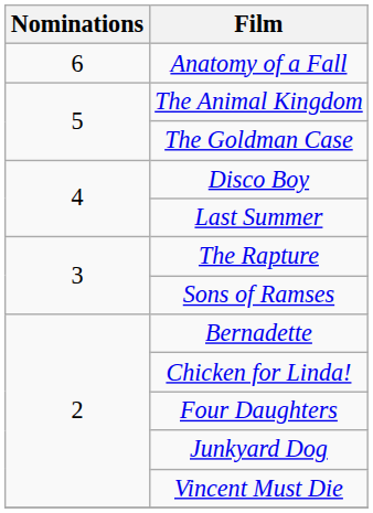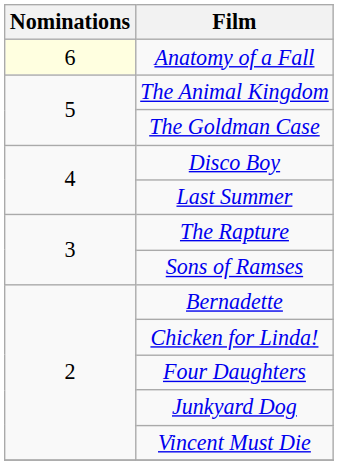 <table class="wikitable plainrowheaders" style="text-align: center;">
 <tr>
 <th scope="col" style="width:55px;">Nominations</th>
 <th scope="col" style="text-align:center;">Film</th>
 </tr>
 <tr>
-<td>6</td>
+<td style="background: lightyellow;">6</td>
 <td><em><a href='#'>Anatomy of a Fall</a></em></td>
 </tr>
 <tr>
 <td rowspan="2">5</td>
 <td><em><a href='#'>The Animal Kingdom</a></em></td>
 </tr>
 <tr>
 <td><em><a href='#'>The Goldman Case</a></em></td>
 </tr>
 <tr>
 <td rowspan="2">4</td>
 <td><em><a href='#'>Disco Boy</a></em></td>
 </tr>
 <tr>
 <td><em><a href='#'>Last Summer</a></em></td>
 </tr>
 <tr>
 <td rowspan="2">3</td>
 <td><em><a href='#'>The Rapture</a></em></td>
 </tr>
 <tr>
 <td><em><a href='#'>Sons of Ramses</a></em></td>
 </tr>
 <tr>
 <td rowspan="5">2</td>
 <td><em><a href='#'>Bernadette</a></em></td>
 </tr>
 <tr>
 <td><em><a href='#'>Chicken for Linda!</a></em></td>
 </tr>
 <tr>
 <td><em><a href='#'>Four Daughters</a></em></td>
 </tr>
 <tr>
 <td><em><a href='#'>Junkyard Dog</a></em></td>
 </tr>
 <tr>
 <td><em><a href='#'>Vincent Must Die</a></em></td>
 </tr>
 <tr>
 </tr>
 </table>
